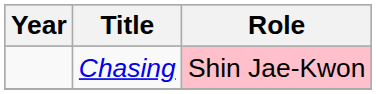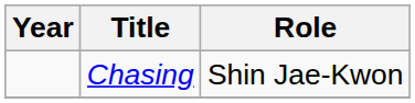 <table class="wikitable">
 <tr>
 <th>Year</th>
 <th>Title</th>
 <th>Role</th>
 </tr>
 <tr>
 <td></td>
 <td><em><a href='#'>Chasing</a></em></td>
-<td style="background: pink;">Shin Jae-Kwon</td>
+<td>Shin Jae-Kwon</td>
 </tr>
 <tr>
 </tr>
 </table>
